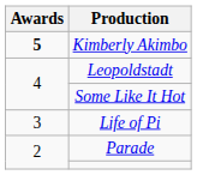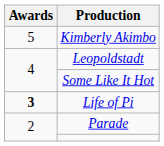 <table class="wikitable plainrowheaders" style="text-align: center; float:left; margin-right:1em;">
 <tr>
 <th scope="col" style="width:55px;">Awards</th>
 <th scope="col" style="text-align:center;">Production</th>
 </tr>
 <tr>
-<td scope="row" style="text-align:center"><strong>5</strong></td>
+<td scope="row" style="text-align:center">5</td>
 <td><em><a href='#'>Kimberly Akimbo</a></em></td>
 </tr>
 <tr>
 <td scope="row" rowspan="2" style="text-align:center">4</td>
 <td><em><a href='#'>Leopoldstadt</a></em></td>
 </tr>
 <tr>
 <td><em><a href='#'>Some Like It Hot</a></em></td>
 </tr>
 <tr>
-<td scope="row" style="text-align:center">3</td>
+<td scope="row" style="text-align:center"><strong>3</strong></td>
 <td><em><a href='#'>Life of Pi</a></em></td>
 </tr>
 <tr>
 <td scope="row" rowspan="2" style="text-align:center">2</td>
 <td><em><a href='#'>Parade</a></em></td>
 </tr>
 <tr>
 <td></td>
 </tr>
 </table>
